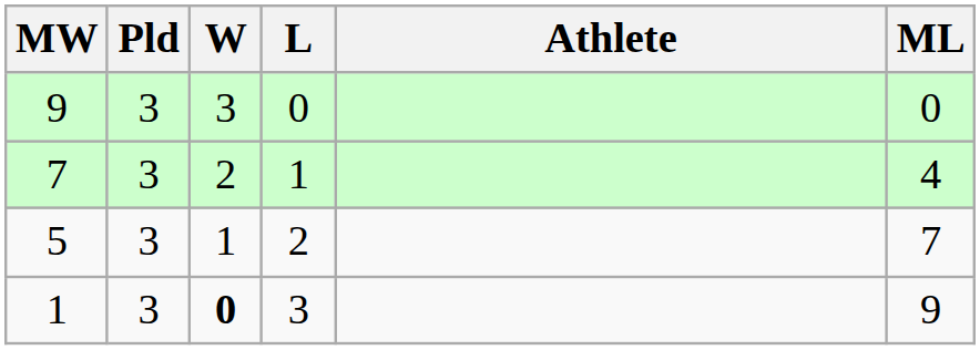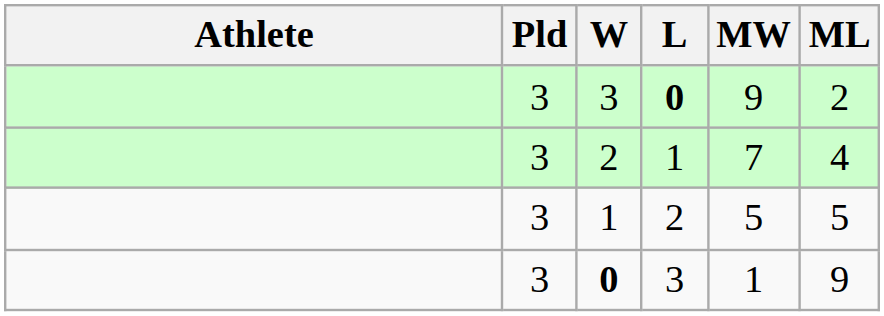 <table class="wikitable" style="text-align:center">
 <tr>
-<th width=20>MW</th>
+<th width=200>Athlete</th>
 <th width=20>Pld</th>
 <th width=20>W</th>
 <th width=20>L</th>
-<th width=200>Athlete</th>
+<th width=20>MW</th>
 <th width=20>ML</th>
 </tr>
 <tr bgcolor="ccffcc">
-<td>9</td>
+<td style="text-align:left"></td>
 <td>3</td>
 <td>3</td>
-<td>0</td>
-<td style="text-align:left"></td>
-<td>0</td>
+<td><strong>0</strong></td>
+<td>9</td>
+<td>2</td>
 </tr>
 <tr bgcolor="ccffcc">
-<td>7</td>
+<td style="text-align:left"></td>
 <td>3</td>
 <td>2</td>
 <td>1</td>
-<td style="text-align:left"></td>
+<td>7</td>
 <td>4</td>
 </tr>
 <tr>
-<td>5</td>
+<td style="text-align:left"></td>
 <td>3</td>
 <td>1</td>
 <td>2</td>
-<td style="text-align:left"></td>
-<td>7</td>
+<td>5</td>
+<td>5</td>
 </tr>
 <tr>
-<td>1</td>
+<td style="text-align:left"></td>
 <td>3</td>
 <td><strong>0</strong></td>
 <td>3</td>
-<td style="text-align:left"></td>
+<td>1</td>
 <td>9</td>
 </tr>
 </table>
